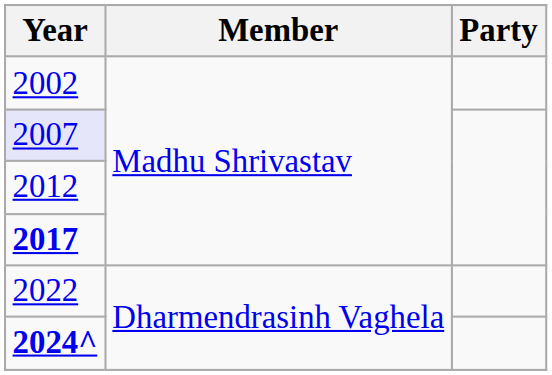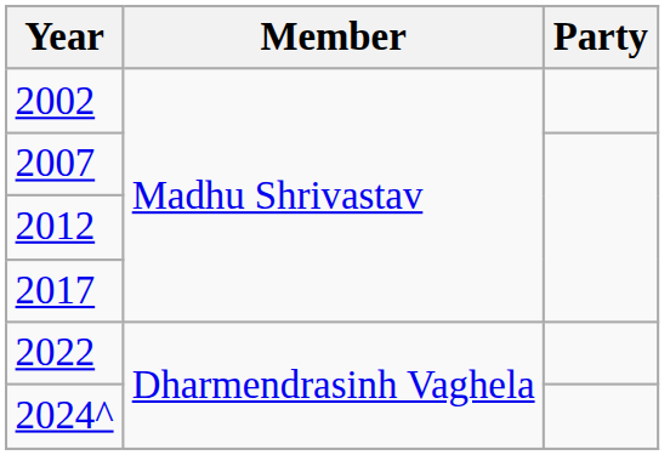 <table class="wikitable sortable">
 <tr>
 <th>Year</th>
 <th>Member</th>
 <th colspan="2">Party</th>
 </tr>
 <tr>
 <td><a href='#'>2002</a></td>
 <td rowspan=4><a href='#'>Madhu Shrivastav</a></td>
 <td></td>
 </tr>
 <tr>
-<td style="background: lavender;"><a href='#'>2007</a></td>
+<td><a href='#'>2007</a></td>
 </tr>
 <tr>
 <td><a href='#'>2012</a></td>
 </tr>
 <tr>
-<td><strong><a href='#'>2017</a></strong></td>
+<td><a href='#'>2017</a></td>
 </tr>
 <tr>
 <td><a href='#'>2022</a></td>
 <td rowspan=2><a href='#'>Dharmendrasinh Vaghela</a></td>
 <td></td>
 </tr>
 <tr>
-<td><strong><a href='#'>2024^</a></strong></td>
+<td><a href='#'>2024^</a></td>
 <td></td>
 </tr>
 </table>
